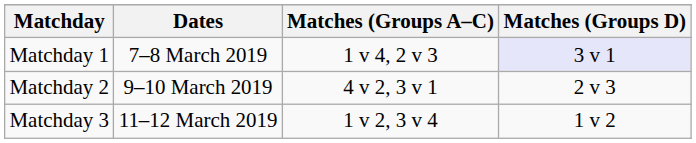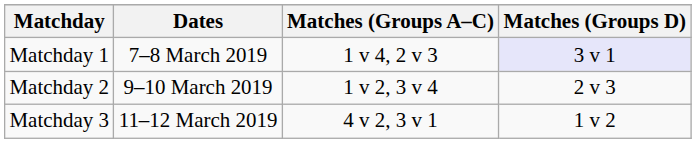 <table class="wikitable" style="text-align:center">
 <tr>
 </tr>
 <tr>
 <th>Matchday</th>
 <th>Dates</th>
 <th>Matches (Groups A–C)</th>
 <th>Matches (Groups D)</th>
 </tr>
 <tr>
 <td>Matchday 1</td>
 <td>7–8 March 2019</td>
 <td>1 v 4, 2 v 3</td>
 <td style="background: lavender;">3 v 1</td>
 </tr>
 <tr>
 <td>Matchday 2</td>
 <td>9–10 March 2019</td>
-<td>4 v 2, 3 v 1</td>
+<td>1 v 2, 3 v 4</td>
 <td>2 v 3</td>
 </tr>
 <tr>
 <td>Matchday 3</td>
 <td>11–12 March 2019</td>
-<td>1 v 2, 3 v 4</td>
+<td>4 v 2, 3 v 1</td>
 <td>1 v 2</td>
 </tr>
 </table>
